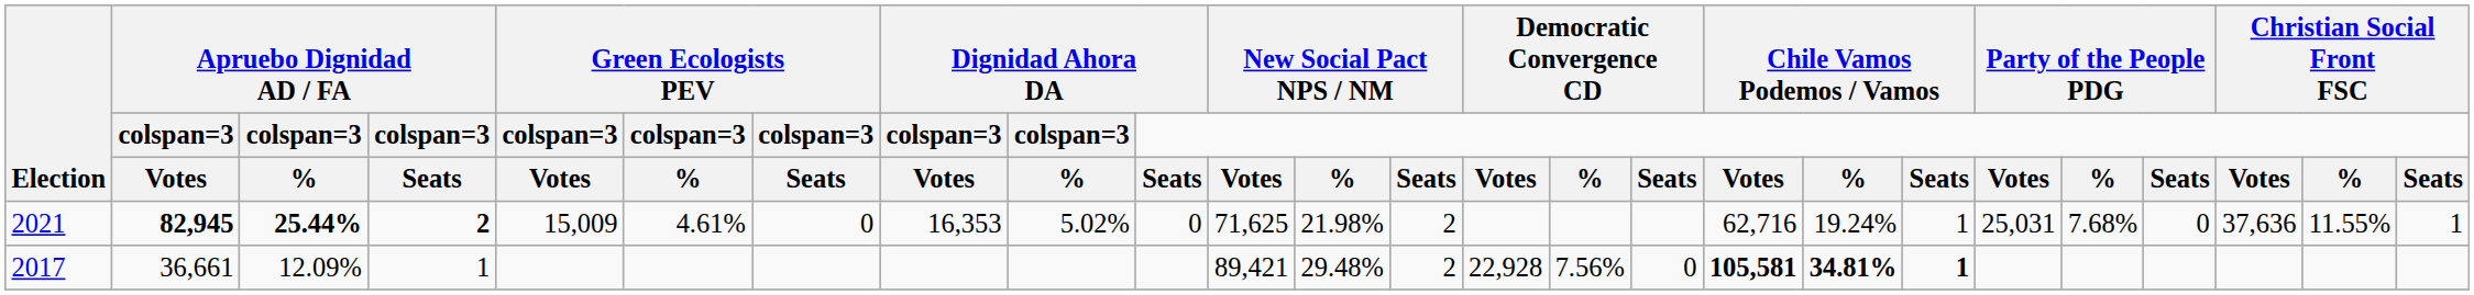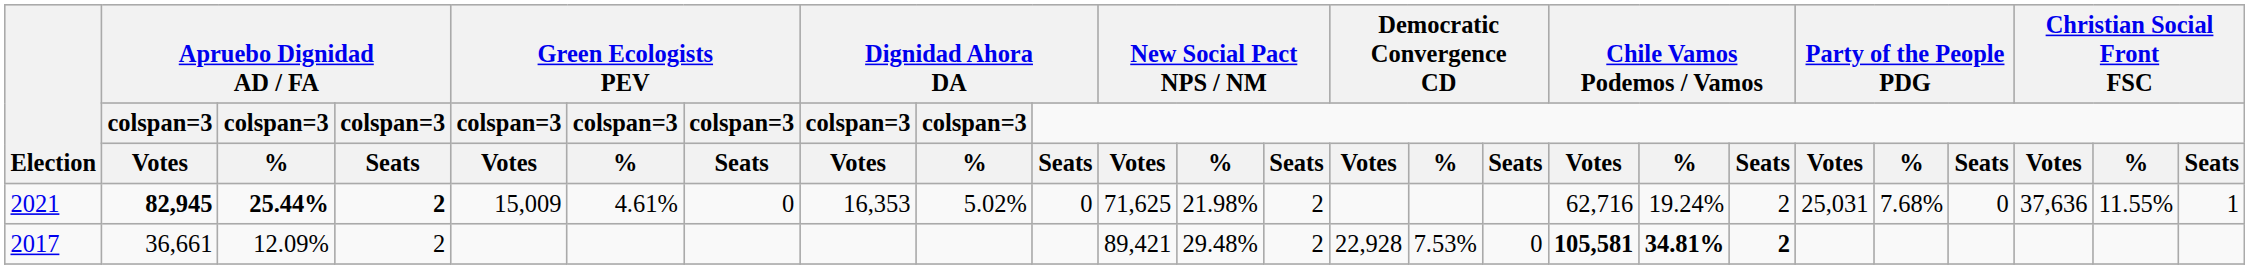 <table class="wikitable" border="1" style="font-size:95%; text-align:right;">
 <tr>
 <th style="text-align:left;" valign=bottom rowspan=3>Election</th>
 <th valign=bottom colspan=3><a href='#'>Apruebo Dignidad</a><br>AD / FA</th>
 <th valign=bottom colspan=3><a href='#'>Green Ecologists</a><br>PEV</th>
 <th valign=bottom colspan=3><a href='#'>Dignidad Ahora</a><br>DA</th>
 <th valign=bottom colspan=3><a href='#'>New Social Pact</a><br>NPS / NM</th>
 <th valign=bottom colspan=3>Democratic<br>Convergence<br>CD</th>
 <th valign=bottom colspan=3><a href='#'>Chile Vamos</a><br>Podemos / Vamos</th>
 <th valign=bottom colspan=3><a href='#'>Party of the People</a><br>PDG</th>
 <th valign=bottom colspan=3><a href='#'>Christian Social Front</a><br>FSC</th>
 </tr>
 <tr>
 <th>colspan=3 </th>
 <th>colspan=3 </th>
 <th>colspan=3 </th>
 <th>colspan=3 </th>
 <th>colspan=3 </th>
 <th>colspan=3 </th>
 <th>colspan=3 </th>
 <th>colspan=3 </th>
 </tr>
 <tr>
 <th>Votes</th>
 <th>%</th>
 <th>Seats</th>
 <th>Votes</th>
 <th>%</th>
 <th>Seats</th>
 <th>Votes</th>
 <th>%</th>
 <th>Seats</th>
 <th>Votes</th>
 <th>%</th>
 <th>Seats</th>
 <th>Votes</th>
 <th>%</th>
 <th>Seats</th>
 <th>Votes</th>
 <th>%</th>
 <th>Seats</th>
 <th>Votes</th>
 <th>%</th>
 <th>Seats</th>
 <th>Votes</th>
 <th>%</th>
 <th>Seats</th>
 </tr>
 <tr>
 <td align=left><a href='#'>2021</a></td>
 <td><strong>82,945</strong></td>
 <td><strong>25.44%</strong></td>
 <td><strong>2</strong></td>
 <td>15,009</td>
 <td>4.61%</td>
 <td>0</td>
 <td>16,353</td>
 <td>5.02%</td>
 <td>0</td>
 <td>71,625</td>
 <td>21.98%</td>
 <td>2</td>
 <td></td>
 <td></td>
 <td></td>
 <td>62,716</td>
 <td>19.24%</td>
-<td>1</td>
+<td>2</td>
 <td>25,031</td>
 <td>7.68%</td>
 <td>0</td>
 <td>37,636</td>
 <td>11.55%</td>
 <td>1</td>
 </tr>
 <tr>
 <td align=left><a href='#'>2017</a></td>
 <td>36,661</td>
 <td>12.09%</td>
-<td>1</td>
+<td>2</td>
 <td></td>
 <td></td>
 <td></td>
 <td></td>
 <td></td>
 <td></td>
 <td>89,421</td>
 <td>29.48%</td>
 <td>2</td>
 <td>22,928</td>
-<td>7.56%</td>
+<td>7.53%</td>
 <td>0</td>
 <td><strong>105,581</strong></td>
 <td><strong>34.81%</strong></td>
-<td><strong>1</strong></td>
+<td><strong>2</strong></td>
 <td></td>
 <td></td>
 <td></td>
 <td></td>
 <td></td>
 <td></td>
 </tr>
 </table>
